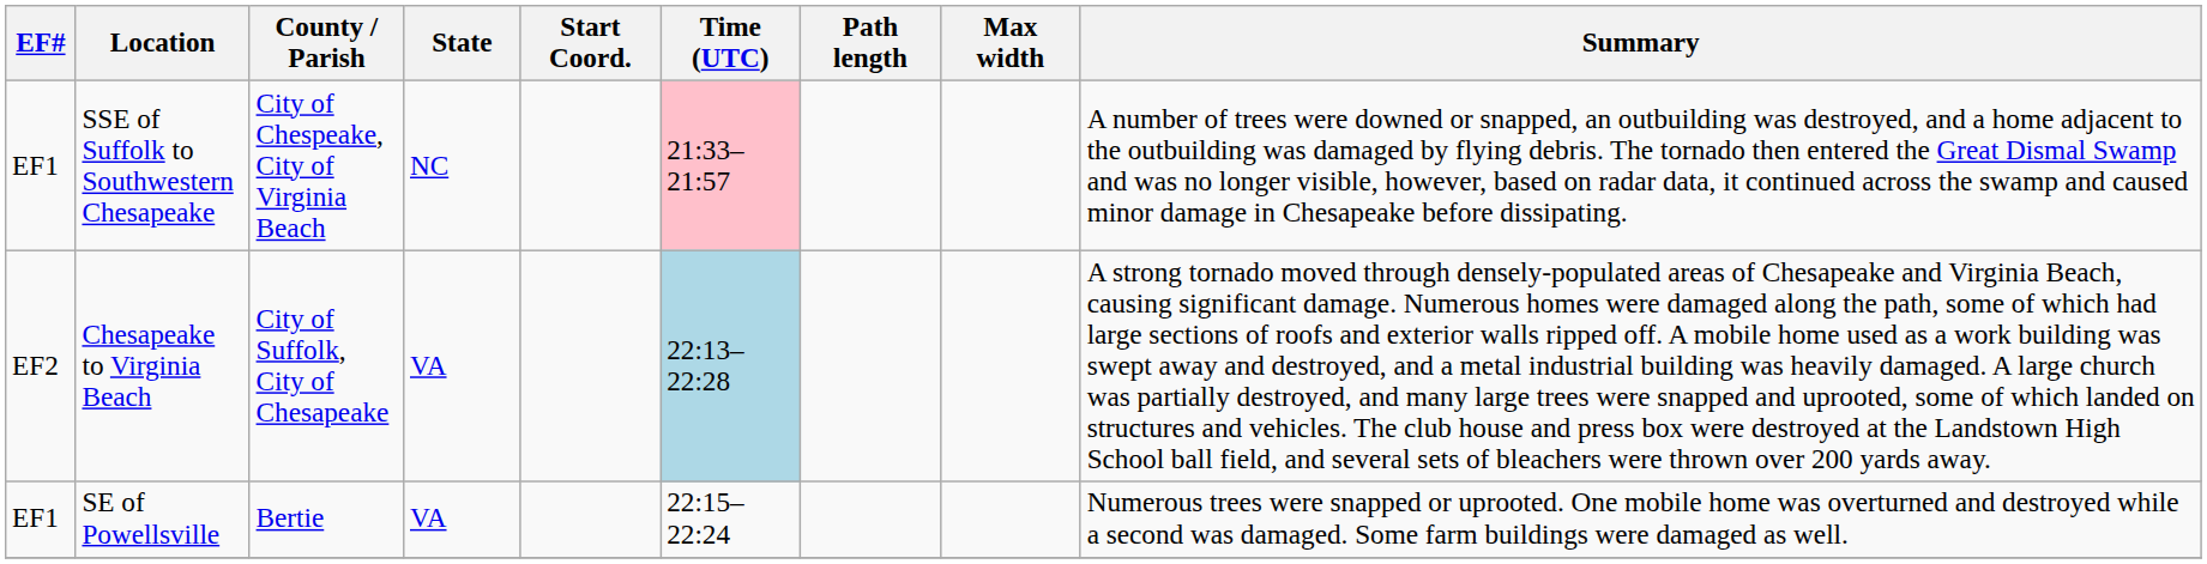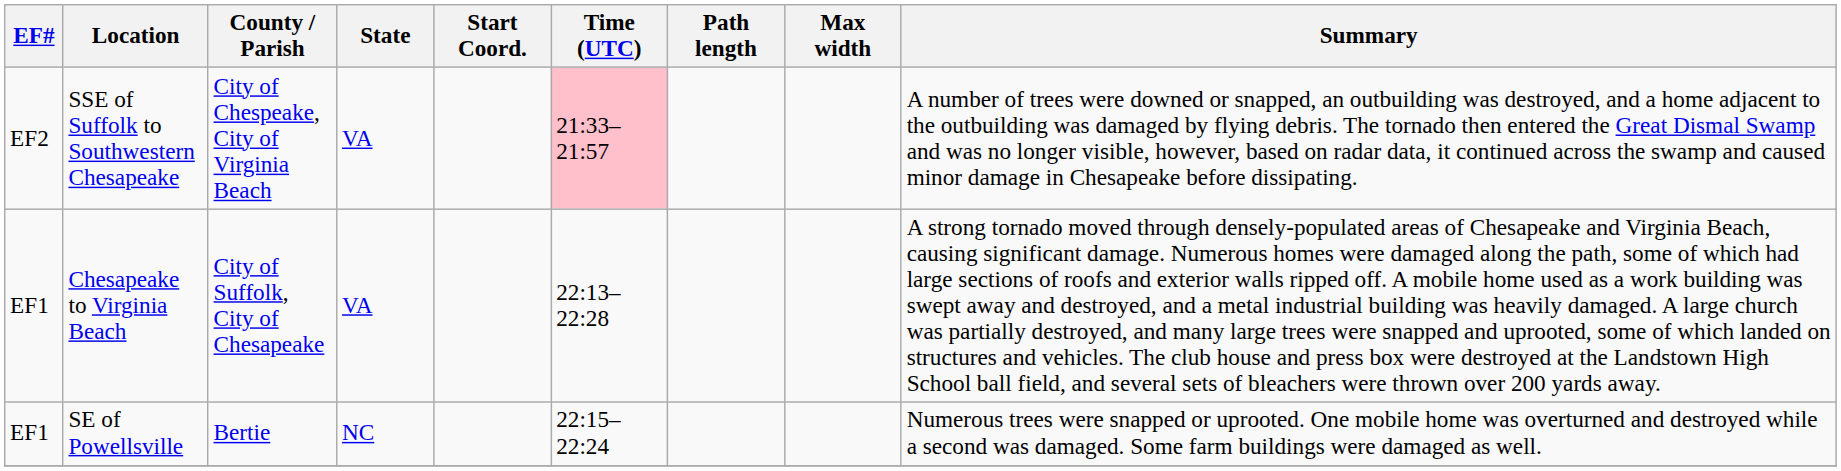 <table class="wikitable sortable" style="width:100%;">
 <tr>
 <th scope="col" style="width:3%; text-align:center;"><a href='#'>EF#</a></th>
 <th scope="col" style="width:7%; text-align:center;" class="unsortable">Location</th>
 <th scope="col" style="width:6%; text-align:center;" class="unsortable">County / Parish</th>
 <th scope="col" style="width:5%; text-align:center;">State</th>
 <th scope="col" style="width:6%; text-align:center;">Start Coord.</th>
 <th scope="col" style="width:6%; text-align:center;">Time (<a href='#'>UTC</a>)</th>
 <th scope="col" style="width:6%; text-align:center;">Path length</th>
 <th scope="col" style="width:6%; text-align:center;">Max width</th>
 <th scope="col" class="unsortable" style="width:48%; text-align:center;">Summary</th>
 </tr>
 <tr>
-<td>EF1</td>
+<td>EF2</td>
 <td>SSE of <a href='#'>Suffolk</a> to <a href='#'>Southwestern Chesapeake</a></td>
 <td><a href='#'>City of Chespeake</a>, <a href='#'>City of Virginia Beach</a></td>
-<td><a href='#'>NC</a></td>
+<td><a href='#'>VA</a></td>
 <td></td>
 <td style="background: pink;">21:33–21:57</td>
 <td></td>
 <td></td>
 <td>A number of trees were downed or snapped, an outbuilding was destroyed, and a home adjacent to the outbuilding was damaged by flying debris. The tornado then entered the <a href='#'>Great Dismal Swamp</a> and was no longer visible, however, based on radar data, it continued across the swamp and caused minor damage in Chesapeake before dissipating.</td>
 </tr>
 <tr>
-<td>EF2</td>
+<td>EF1</td>
 <td><a href='#'>Chesapeake</a> to <a href='#'>Virginia Beach</a></td>
 <td><a href='#'>City of Suffolk</a>, <a href='#'>City of Chesapeake</a></td>
 <td><a href='#'>VA</a></td>
 <td></td>
-<td style="background: lightblue;">22:13–22:28</td>
+<td>22:13–22:28</td>
 <td></td>
 <td></td>
 <td>A strong tornado moved through densely-populated areas of Chesapeake and Virginia Beach, causing significant damage. Numerous homes were damaged along the path, some of which had large sections of roofs and exterior walls ripped off. A mobile home used as a work building was swept away and destroyed, and a metal industrial building was heavily damaged. A large church was partially destroyed, and many large trees were snapped and uprooted, some of which landed on structures and vehicles. The club house and press box were destroyed at the Landstown High School ball field, and several sets of bleachers were thrown over 200 yards away.</td>
 </tr>
 <tr>
 <td>EF1</td>
 <td>SE of <a href='#'>Powellsville</a></td>
 <td><a href='#'>Bertie</a></td>
-<td><a href='#'>VA</a></td>
+<td><a href='#'>NC</a></td>
 <td></td>
 <td>22:15–22:24</td>
 <td></td>
 <td></td>
 <td>Numerous trees were snapped or uprooted. One mobile home was overturned and destroyed while a second was damaged. Some farm buildings were damaged as well.</td>
 </tr>
 <tr>
 </tr>
 </table>
